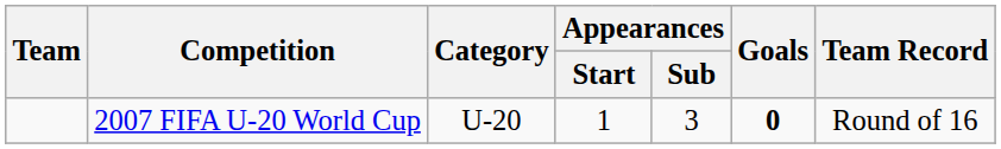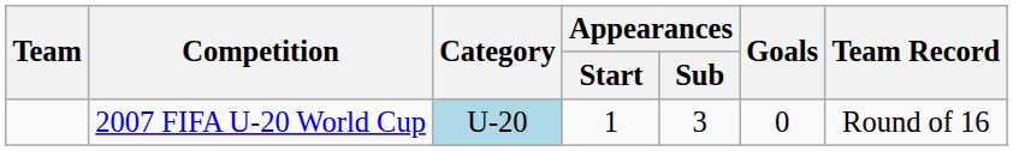 <table class="wikitable" style="text-align: center;">
 <tr>
 <th rowspan="2">Team</th>
 <th rowspan="2">Competition</th>
 <th rowspan="2">Category</th>
 <th colspan="2">Appearances</th>
 <th rowspan="2">Goals</th>
 <th rowspan="2">Team Record</th>
 </tr>
 <tr>
 <th>Start</th>
 <th>Sub</th>
 </tr>
 <tr>
 <td align="left"></td>
 <td><a href='#'>2007 FIFA U-20 World Cup</a></td>
-<td>U-20</td>
+<td style="background: lightblue;">U-20</td>
 <td>1</td>
 <td>3</td>
-<td><strong>0</strong></td>
+<td>0</td>
 <td>Round of 16</td>
 </tr>
 </table>
